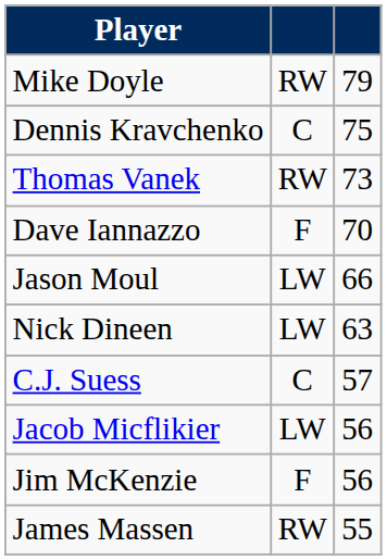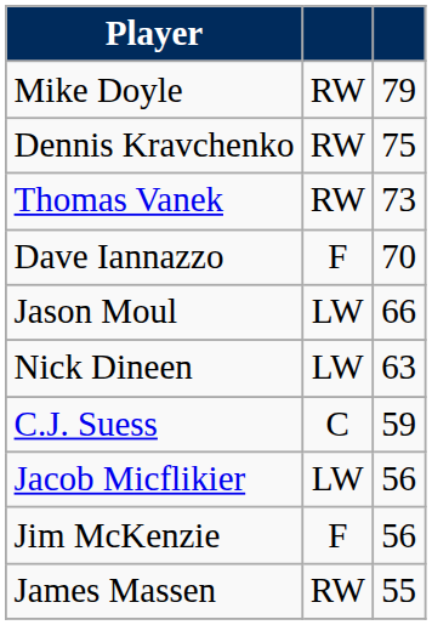 <table class="wikitable" style="text-align:center;">
 <tr>
 <th align="left" style="background:#002b5c; color:#FFFFFF;">Player</th>
 <th style="background:#002b5c; color:#FFFFFF;"></th>
 <th style="background:#002b5c; color:#FFFFFF;"></th>
 </tr>
 <tr>
 <td align="left">Mike Doyle</td>
 <td>RW</td>
 <td>79</td>
 </tr>
 <tr>
 <td align="left">Dennis Kravchenko</td>
-<td>C</td>
+<td>RW</td>
 <td>75</td>
 </tr>
 <tr>
 <td align="left"><a href='#'>Thomas Vanek</a></td>
 <td>RW</td>
 <td>73</td>
 </tr>
 <tr>
 <td align="left">Dave Iannazzo</td>
 <td>F</td>
 <td>70</td>
 </tr>
 <tr>
 <td align="left">Jason Moul</td>
 <td>LW</td>
 <td>66</td>
 </tr>
 <tr>
 <td align="left">Nick Dineen</td>
 <td>LW</td>
 <td>63</td>
 </tr>
 <tr>
 <td align="left"><a href='#'>C.J. Suess</a></td>
 <td>C</td>
-<td>57</td>
+<td>59</td>
 </tr>
 <tr>
 <td align="left"><a href='#'>Jacob Micflikier</a></td>
 <td>LW</td>
 <td>56</td>
 </tr>
 <tr>
 <td align="left">Jim McKenzie</td>
 <td>F</td>
 <td>56</td>
 </tr>
 <tr>
 <td align="left">James Massen</td>
 <td>RW</td>
 <td>55</td>
 </tr>
 </table>
